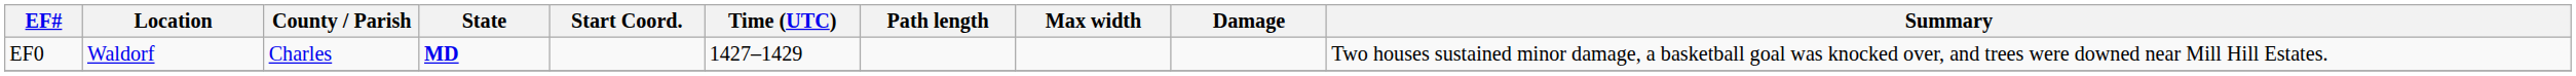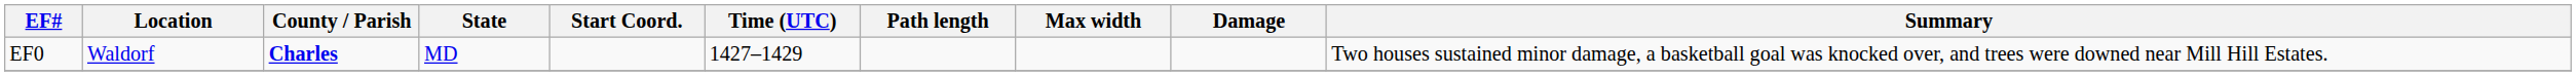 <table class="wikitable sortable" style="width:100%;">
 <tr>
 <th scope="col" width="3%" align="center"><a href='#'>EF#</a></th>
 <th scope="col" width="7%" align="center" class="unsortable">Location</th>
 <th scope="col" width="6%" align="center" class="unsortable">County / Parish</th>
 <th scope="col" width="5%" align="center">State</th>
 <th scope="col" width="6%" align="center">Start Coord.</th>
 <th scope="col" width="6%" align="center">Time (<a href='#'>UTC</a>)</th>
 <th scope="col" width="6%" align="center">Path length</th>
 <th scope="col" width="6%" align="center">Max width</th>
 <th scope="col" width="6%" align="center">Damage</th>
 <th scope="col" width="48%" class="unsortable" align="center">Summary</th>
 </tr>
 <tr>
 <td>EF0</td>
 <td><a href='#'>Waldorf</a></td>
-<td><a href='#'>Charles</a></td>
-<td><strong><a href='#'>MD</a></strong></td>
+<td><strong><a href='#'>Charles</a></strong></td>
+<td><a href='#'>MD</a></td>
 <td></td>
 <td>1427–1429</td>
 <td></td>
 <td></td>
 <td></td>
 <td>Two houses sustained minor damage, a basketball goal was knocked over, and trees were downed near Mill Hill Estates.</td>
 </tr>
 <tr>
 </tr>
 </table>
